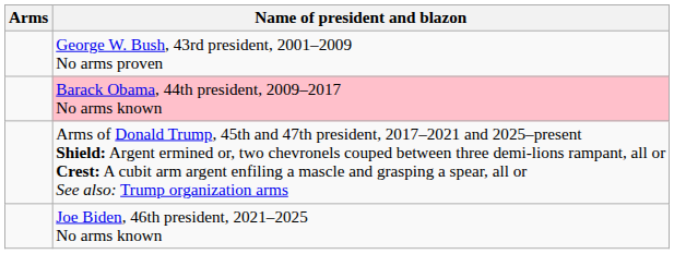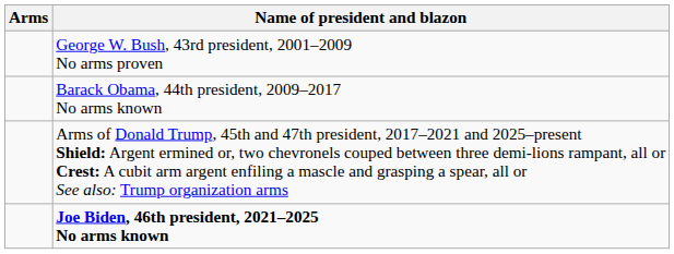 <table class=wikitable>
 <tr style="vertical-align:top; text-align:center;">
 <th>Arms</th>
 <th>Name of president and blazon</th>
 </tr>
 <tr valign=top>
 <td></td>
 <td><a href='#'>George W. Bush</a>, 43rd president, 2001–2009<br>No arms proven</td>
 </tr>
 <tr valign=top>
 <td></td>
-<td style="background: pink;"><a href='#'>Barack Obama</a>, 44th president, 2009–2017<br>No arms known</td>
+<td><a href='#'>Barack Obama</a>, 44th president, 2009–2017<br>No arms known</td>
 </tr>
 <tr valign=top>
 <td></td>
 <td>Arms of <a href='#'>Donald Trump</a>, 45th and 47th president, 2017–2021 and 2025–present<br><strong>Shield:</strong> Argent ermined or, two chevronels couped between three demi-lions rampant, all or<br><strong>Crest:</strong> A cubit arm argent enfiling a mascle and grasping a spear, all or<br><em>See also:</em> <a href='#'>Trump organization arms</a></td>
 </tr>
 <tr valign=top>
 <td></td>
-<td><a href='#'>Joe Biden</a>, 46th president, 2021–2025<br>No arms known</td>
+<td><strong><a href='#'>Joe Biden</a>, 46th president, 2021–2025<br>No arms known</strong></td>
 </tr>
 </table>
